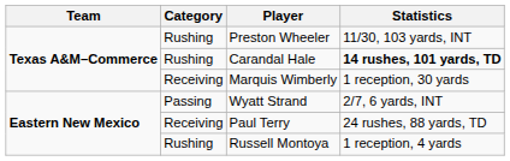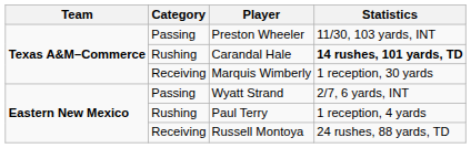 <table class="wikitable" style="float: right;">
 <tr>
 <th>Team</th>
 <th>Category</th>
 <th>Player</th>
 <th>Statistics</th>
 </tr>
 <tr>
 <td rowspan=3><strong>Texas A&M–Commerce</strong></td>
-<td>Rushing</td>
+<td>Passing</td>
 <td>Preston Wheeler</td>
 <td>11/30, 103 yards, INT</td>
 </tr>
 <tr>
 <td>Rushing</td>
 <td>Carandal Hale</td>
 <td><strong>14 rushes, 101 yards, TD</strong></td>
 </tr>
 <tr>
 <td>Receiving</td>
 <td>Marquis Wimberly</td>
 <td>1 reception, 30 yards</td>
 </tr>
 <tr>
 <td rowspan=3><strong>Eastern New Mexico</strong></td>
 <td>Passing</td>
 <td>Wyatt Strand</td>
 <td>2/7, 6 yards, INT</td>
 </tr>
 <tr>
+<td>Rushing</td>
+<td>Paul Terry</td>
+<td>1 reception, 4 yards</td>
+</tr>
+<tr>
 <td>Receiving</td>
-<td>Paul Terry</td>
+<td>Russell Montoya</td>
 <td>24 rushes, 88 yards, TD</td>
 </tr>
-<tr>
-<td>Rushing</td>
-<td>Russell Montoya</td>
-<td>1 reception, 4 yards</td>
-</tr>
 </table>
